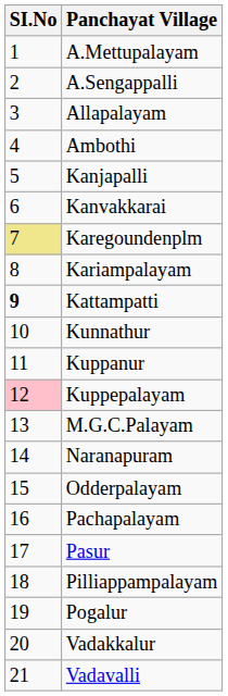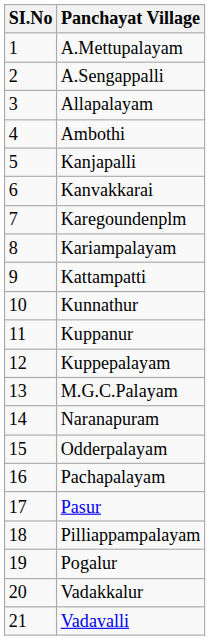 <table class="wikitable sortable">
 <tr>
 <th>SI.No</th>
 <th>Panchayat Village</th>
 </tr>
 <tr>
 <td>1</td>
 <td>A.Mettupalayam</td>
 </tr>
 <tr>
 <td>2</td>
 <td>A.Sengappalli</td>
 </tr>
 <tr>
 <td>3</td>
 <td>Allapalayam</td>
 </tr>
 <tr>
 <td>4</td>
 <td>Ambothi</td>
 </tr>
 <tr>
 <td>5</td>
 <td>Kanjapalli</td>
 </tr>
 <tr>
 <td>6</td>
 <td>Kanvakkarai</td>
 </tr>
 <tr>
-<td style="background: khaki;">7</td>
+<td>7</td>
 <td>Karegoundenplm</td>
 </tr>
 <tr>
 <td>8</td>
 <td>Kariampalayam</td>
 </tr>
 <tr>
-<td><strong>9</strong></td>
+<td>9</td>
 <td>Kattampatti</td>
 </tr>
 <tr>
 <td>10</td>
 <td>Kunnathur</td>
 </tr>
 <tr>
 <td>11</td>
 <td>Kuppanur</td>
 </tr>
 <tr>
-<td style="background: pink;">12</td>
+<td>12</td>
 <td>Kuppepalayam</td>
 </tr>
 <tr>
 <td>13</td>
 <td>M.G.C.Palayam</td>
 </tr>
 <tr>
 <td>14</td>
 <td>Naranapuram</td>
 </tr>
 <tr>
 <td>15</td>
 <td>Odderpalayam</td>
 </tr>
 <tr>
 <td>16</td>
 <td>Pachapalayam</td>
 </tr>
 <tr>
 <td>17</td>
 <td><a href='#'>Pasur</a></td>
 </tr>
 <tr>
 <td>18</td>
 <td>Pilliappampalayam</td>
 </tr>
 <tr>
 <td>19</td>
 <td>Pogalur</td>
 </tr>
 <tr>
 <td>20</td>
 <td>Vadakkalur</td>
 </tr>
 <tr>
 <td>21</td>
 <td><a href='#'>Vadavalli</a></td>
 </tr>
 </table>
